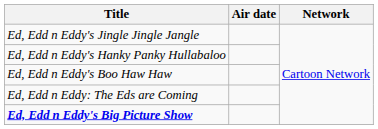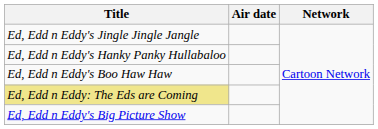 <table class="wikitable sortable">
 <tr>
 <th>Title</th>
 <th>Air date</th>
 <th>Network</th>
 </tr>
 <tr>
 <td><em>Ed, Edd n Eddy's Jingle Jingle Jangle</em></td>
 <td></td>
 <td rowspan="5"><a href='#'>Cartoon Network</a></td>
 </tr>
 <tr>
 <td><em>Ed, Edd n Eddy's Hanky Panky Hullabaloo</em></td>
 <td></td>
 </tr>
 <tr>
 <td><em>Ed, Edd n Eddy's Boo Haw Haw</em></td>
 <td></td>
 </tr>
 <tr>
-<td><em>Ed, Edd n Eddy: The Eds are Coming</em></td>
+<td style="background: khaki;"><em>Ed, Edd n Eddy: The Eds are Coming</em></td>
 <td></td>
 </tr>
 <tr>
-<td><strong><em><a href='#'>Ed, Edd n Eddy's Big Picture Show</a></em></strong></td>
+<td><em><a href='#'>Ed, Edd n Eddy's Big Picture Show</a></em></td>
 <td></td>
 </tr>
 </table>
